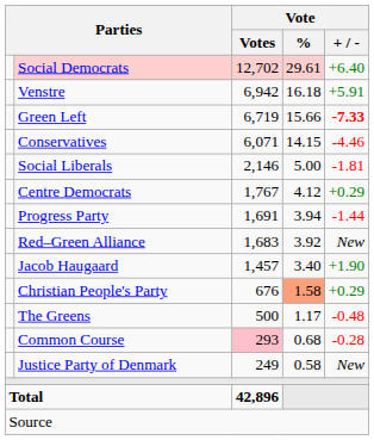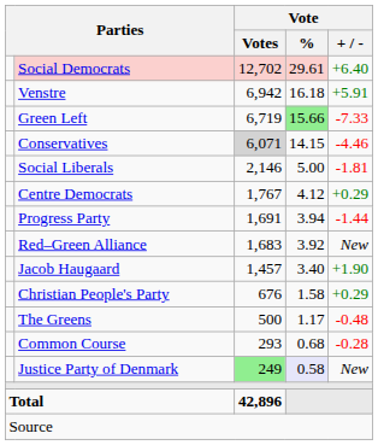 <table class="wikitable" style="text-align:right;">
 <tr>
 <th style="text-align:centre;" rowspan="2" colspan="2" width="225">Parties</th>
 <th colspan="3">Vote</th>
 </tr>
 <tr>
 <th width="15">Votes</th>
 <th width="15">%</th>
 <th width="15">+ / -</th>
 </tr>
 <tr>
 <td width="2" style="color:inherit;background:"></td>
 <td bgcolor=#fbd0ce  align="left"><a href='#'>Social Democrats</a></td>
 <td bgcolor=#fbd0ce>12,702</td>
 <td bgcolor=#fbd0ce>29.61</td>
 <td style=color:green;>+6.40</td>
 </tr>
 <tr>
 <td width="2" style="color:inherit;background:"></td>
 <td align="left"><a href='#'>Venstre</a></td>
 <td>6,942</td>
 <td>16.18</td>
 <td style=color:green;>+5.91</td>
 </tr>
 <tr>
 <td width="2" style="color:inherit;background:"></td>
 <td align="left"><a href='#'>Green Left</a></td>
 <td>6,719</td>
-<td>15.66</td>
-<td style=color:red;><strong>-7.33</strong></td>
+<td style="background: lightgreen;">15.66</td>
+<td style=color:red;>-7.33</td>
 </tr>
 <tr>
 <td width="2" style="color:inherit;background:"></td>
 <td align="left"><a href='#'>Conservatives</a></td>
-<td>6,071</td>
+<td style="background: lightgrey;">6,071</td>
 <td>14.15</td>
 <td style=color:red;>-4.46</td>
 </tr>
 <tr>
 <td width="2" style="color:inherit;background:"></td>
 <td align="left"><a href='#'>Social Liberals</a></td>
 <td>2,146</td>
 <td>5.00</td>
 <td style=color:red;>-1.81</td>
 </tr>
 <tr>
 <td width="2" style="color:inherit;background:"></td>
 <td align="left"><a href='#'>Centre Democrats</a></td>
 <td>1,767</td>
 <td>4.12</td>
 <td style=color:green;>+0.29</td>
 </tr>
 <tr>
 <td width="2" style="color:inherit;background:"></td>
 <td align="left"><a href='#'>Progress Party</a></td>
 <td>1,691</td>
 <td>3.94</td>
 <td style=color:red;>-1.44</td>
 </tr>
 <tr>
 <td width="2" style="color:inherit;background:"></td>
 <td align="left"><a href='#'>Red–Green Alliance</a></td>
 <td>1,683</td>
 <td>3.92</td>
 <td><em>New</em></td>
 </tr>
 <tr>
 <td width="2" style="color:inherit;background:"></td>
 <td align="left"><a href='#'>Jacob Haugaard</a></td>
 <td>1,457</td>
 <td>3.40</td>
 <td style=color:green;>+1.90</td>
 </tr>
 <tr>
 <td width="2" style="color:inherit;background:"></td>
 <td align="left"><a href='#'>Christian People's Party</a></td>
 <td>676</td>
-<td style="background: lightsalmon;">1.58</td>
+<td>1.58</td>
 <td style=color:green;>+0.29</td>
 </tr>
 <tr>
 <td width="2" style="color:inherit;background:"></td>
 <td align="left"><a href='#'>The Greens</a></td>
 <td>500</td>
 <td>1.17</td>
 <td style=color:red;>-0.48</td>
 </tr>
 <tr>
 <td width="2" style="color:inherit;background:"></td>
 <td align="left"><a href='#'>Common Course</a></td>
-<td style="background: pink;">293</td>
+<td>293</td>
 <td>0.68</td>
 <td style=color:red;>-0.28</td>
 </tr>
 <tr>
 <td width="2" style="color:inherit;background:"></td>
 <td align="left"><a href='#'>Justice Party of Denmark</a></td>
-<td>249</td>
-<td>0.58</td>
+<td style="background: lightgreen;">249</td>
+<td style="background: lavender;">0.58</td>
 <td><em>New</em></td>
 </tr>
 <tr>
 <td colspan="7" bgcolor="#E9E9E9"></td>
 </tr>
 <tr>
 <td align="left" colspan="2"><strong>Total</strong></td>
 <td><strong>42,896</strong></td>
 <td bgcolor="#E9E9E9" colspan="2"></td>
 </tr>
 <tr>
 <td align="left" colspan="6">Source</td>
 </tr>
 </table>
